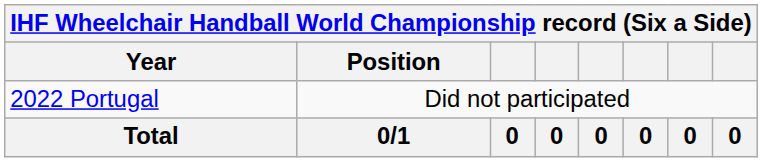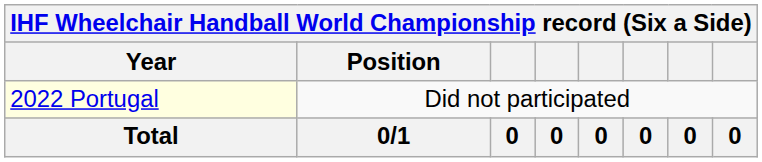 <table class="wikitable" style="text-align: center;">
 <tr>
 <th colspan=10><a href='#'>IHF Wheelchair Handball World Championship</a> record (Six a Side)</th>
 </tr>
 <tr>
 <th>Year</th>
 <th>Position</th>
 <th></th>
 <th></th>
 <th></th>
 <th></th>
 <th></th>
 <th></th>
 </tr>
 <tr>
-<td align=left> <a href='#'>2022 Portugal</a></td>
+<td align=left style="background: lightyellow;"> <a href='#'>2022 Portugal</a></td>
 <td colspan="7">Did not participated</td>
 </tr>
 <tr>
 <th>Total</th>
 <th>0/1</th>
 <th>0</th>
 <th>0</th>
 <th>0</th>
 <th>0</th>
 <th>0</th>
 <th>0</th>
 </tr>
 </table>
